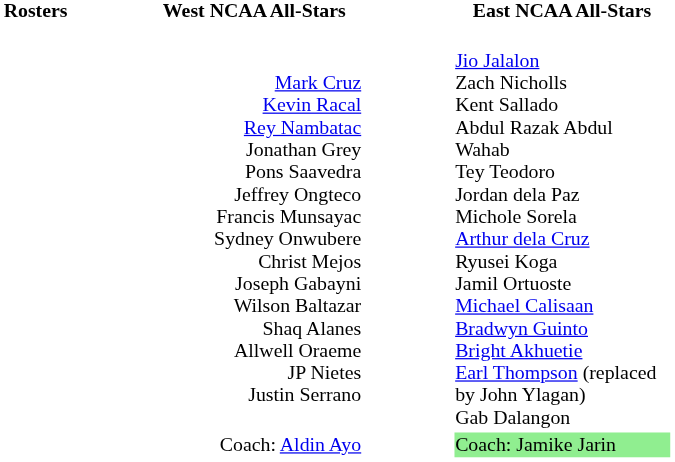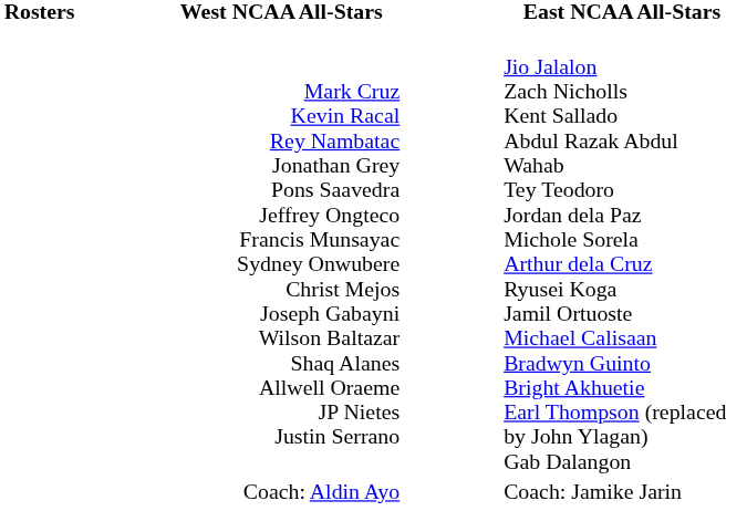 <table class="collapsible autocollapse" style="width:100%;">
 <tr>
 <th>Rosters</th>
 <th>West NCAA All-Stars</th>
 <th> </th>
 <th>East NCAA All-Stars</th>
 <th> </th>
 </tr>
 <tr>
 <td></td>
 <td align=right><br><a href='#'>Mark Cruz</a> <br> <a href='#'>Kevin Racal</a> <br> <a href='#'>Rey Nambatac</a> <br> Jonathan Grey <br> Pons Saavedra <br> Jeffrey Ongteco <br> Francis Munsayac <br> Sydney Onwubere <br> Christ Mejos<br> Joseph Gabayni <br> Wilson Baltazar <br> Shaq Alanes <br> Allwell Oraeme <br> JP Nietes <br> Justin Serrano </td>
 <td></td>
 <td><br> <a href='#'>Jio Jalalon</a><br>  Zach Nicholls<br>  Kent Sallado<br>  Abdul Razak Abdul Wahab<br>  Tey Teodoro<br>  Jordan dela Paz<br>  Michole Sorela<br>  <a href='#'>Arthur dela Cruz</a><br>  Ryusei Koga<br>  Jamil Ortuoste<br>  <a href='#'>Michael Calisaan</a><br>  <a href='#'>Bradwyn Guinto</a><br>  <a href='#'>Bright Akhuetie</a><br>  <a href='#'>Earl Thompson</a> (replaced by John Ylagan)<br>  Gab Dalangon</td>
 </tr>
 <tr>
 <td width=20%></td>
 <td style="text-align:right; width:20%;">Coach: <a href='#'>Aldin Ayo</a> </td>
 <td width=8%></td>
-<td width=20% style="background: lightgreen;"> Coach: Jamike Jarin</td>
+<td width=20%> Coach: Jamike Jarin</td>
 <td width=32%></td>
 </tr>
 </table>
